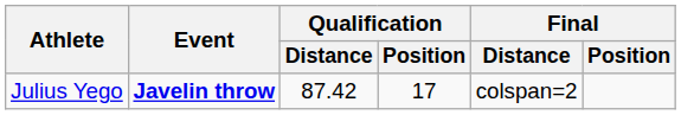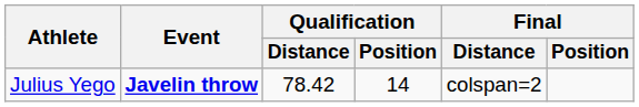 <table class=wikitable style=font-size:90%>
 <tr>
 <th rowspan=2>Athlete</th>
 <th rowspan=2>Event</th>
 <th colspan=2>Qualification</th>
 <th colspan=2>Final</th>
 </tr>
 <tr style=font-size:95%>
 <th>Distance</th>
 <th>Position</th>
 <th>Distance</th>
 <th>Position</th>
 </tr>
 <tr align=center>
 <td align=left><a href='#'>Julius Yego</a></td>
 <td align=left><strong><a href='#'>Javelin throw</a></strong></td>
-<td>87.42</td>
-<td>17</td>
+<td>78.42</td>
+<td>14</td>
 <td>colspan=2 </td>
 </tr>
 </table>
